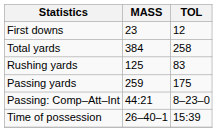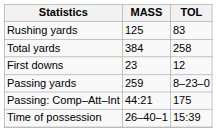 <table class="wikitable" style="float: left;">
 <tr>
 <th>Statistics</th>
 <th>MASS</th>
 <th>TOL</th>
 </tr>
 <tr>
-<td>First downs</td>
-<td>23</td>
-<td>12</td>
+<td>Rushing yards</td>
+<td>125</td>
+<td>83</td>
 </tr>
 <tr>
 <td>Total yards</td>
 <td>384</td>
 <td>258</td>
 </tr>
 <tr>
-<td>Rushing yards</td>
-<td>125</td>
-<td>83</td>
+<td>First downs</td>
+<td>23</td>
+<td>12</td>
 </tr>
 <tr>
 <td>Passing yards</td>
 <td>259</td>
-<td>175</td>
+<td>8–23–0</td>
 </tr>
 <tr>
 <td>Passing: Comp–Att–Int</td>
 <td>44:21</td>
-<td>8–23–0</td>
+<td>175</td>
 </tr>
 <tr>
 <td>Time of possession</td>
 <td>26–40–1</td>
 <td>15:39</td>
 </tr>
 <tr>
 </tr>
 </table>
